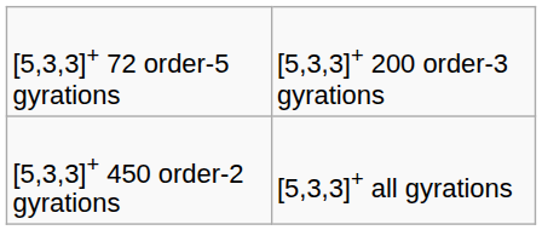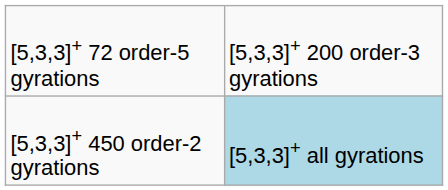 <table class=wikitable align=right width=320>
 <tr>
 <td><br>[5,3,3]<sup>+</sup> 72 order-5 gyrations</td>
 <td><br>[5,3,3]<sup>+</sup> 200 order-3 gyrations</td>
 </tr>
 <tr>
 <td><br>[5,3,3]<sup>+</sup> 450 order-2 gyrations</td>
-<td><br>[5,3,3]<sup>+</sup> all gyrations</td>
+<td style="background: lightblue;"><br>[5,3,3]<sup>+</sup> all gyrations</td>
 </tr>
 </table>
